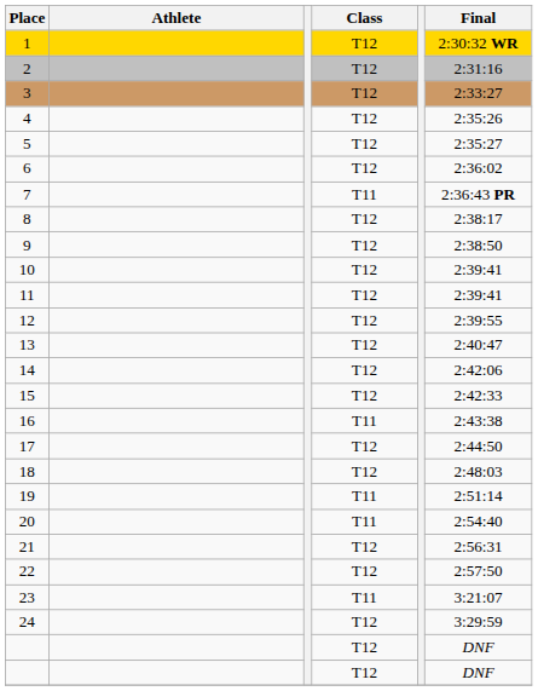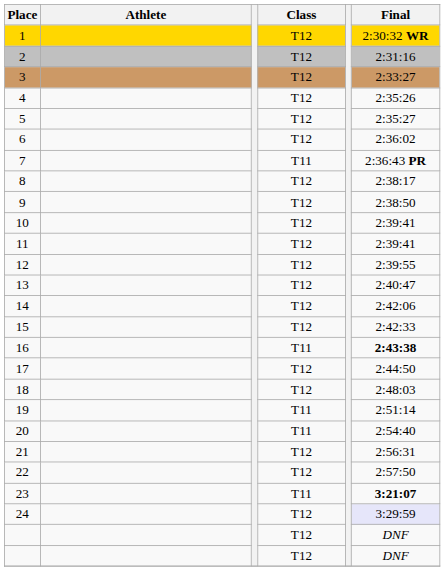 <table class="wikitable" style="text-align:center">
 <tr>
 <th>Place</th>
 <th width=250>Athlete</th>
 <th rowspan=27></th>
 <th width=100>Class</th>
 <th rowspan=27></th>
 <th width=100>Final</th>
 </tr>
 <tr bgcolor=gold>
 <td>1</td>
 <td align=left></td>
 <td>T12</td>
 <td>2:30:32 <strong>WR</strong></td>
 </tr>
 <tr bgcolor=silver>
 <td>2</td>
 <td align=left></td>
 <td>T12</td>
 <td>2:31:16</td>
 </tr>
 <tr bgcolor=cc9966>
 <td>3</td>
 <td align=left></td>
 <td>T12</td>
 <td>2:33:27</td>
 </tr>
 <tr>
 <td>4</td>
 <td align=left></td>
 <td>T12</td>
 <td>2:35:26</td>
 </tr>
 <tr>
 <td>5</td>
 <td align=left></td>
 <td>T12</td>
 <td>2:35:27</td>
 </tr>
 <tr>
 <td>6</td>
 <td align=left></td>
 <td>T12</td>
 <td>2:36:02</td>
 </tr>
 <tr>
 <td>7</td>
 <td align=left></td>
 <td>T11</td>
 <td>2:36:43 <strong>PR</strong></td>
 </tr>
 <tr>
 <td>8</td>
 <td align=left></td>
 <td>T12</td>
 <td>2:38:17</td>
 </tr>
 <tr>
 <td>9</td>
 <td align=left></td>
 <td>T12</td>
 <td>2:38:50</td>
 </tr>
 <tr>
 <td>10</td>
 <td align=left></td>
 <td>T12</td>
 <td>2:39:41</td>
 </tr>
 <tr>
 <td>11</td>
 <td align=left></td>
 <td>T12</td>
 <td>2:39:41</td>
 </tr>
 <tr>
 <td>12</td>
 <td align=left></td>
 <td>T12</td>
 <td>2:39:55</td>
 </tr>
 <tr>
 <td>13</td>
 <td align=left></td>
 <td>T12</td>
 <td>2:40:47</td>
 </tr>
 <tr>
 <td>14</td>
 <td align=left></td>
 <td>T12</td>
 <td>2:42:06</td>
 </tr>
 <tr>
 <td>15</td>
 <td align=left></td>
 <td>T12</td>
 <td>2:42:33</td>
 </tr>
 <tr>
 <td>16</td>
 <td align=left></td>
 <td>T11</td>
-<td>2:43:38</td>
+<td><strong>2:43:38</strong></td>
 </tr>
 <tr>
 <td>17</td>
 <td align=left></td>
 <td>T12</td>
 <td>2:44:50</td>
 </tr>
 <tr>
 <td>18</td>
 <td align=left></td>
 <td>T12</td>
 <td>2:48:03</td>
 </tr>
 <tr>
 <td>19</td>
 <td align=left></td>
 <td>T11</td>
 <td>2:51:14</td>
 </tr>
 <tr>
 <td>20</td>
 <td align=left></td>
 <td>T11</td>
 <td>2:54:40</td>
 </tr>
 <tr>
 <td>21</td>
 <td align=left></td>
 <td>T12</td>
 <td>2:56:31</td>
 </tr>
 <tr>
 <td>22</td>
 <td align=left></td>
 <td>T12</td>
 <td>2:57:50</td>
 </tr>
 <tr>
 <td>23</td>
 <td align=left></td>
 <td>T11</td>
-<td>3:21:07</td>
+<td><strong>3:21:07</strong></td>
 </tr>
 <tr>
 <td>24</td>
 <td align=left></td>
 <td>T12</td>
-<td>3:29:59</td>
+<td style="background: lavender;">3:29:59</td>
 </tr>
 <tr>
 <td></td>
 <td align=left></td>
 <td>T12</td>
 <td><em>DNF</em></td>
 </tr>
 <tr>
 <td></td>
 <td align=left></td>
 <td>T12</td>
 <td><em>DNF</em></td>
 </tr>
 <tr>
 </tr>
 </table>
